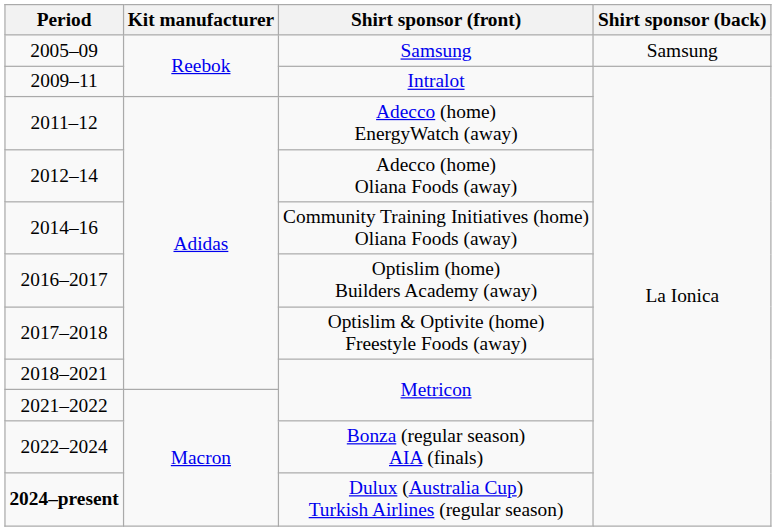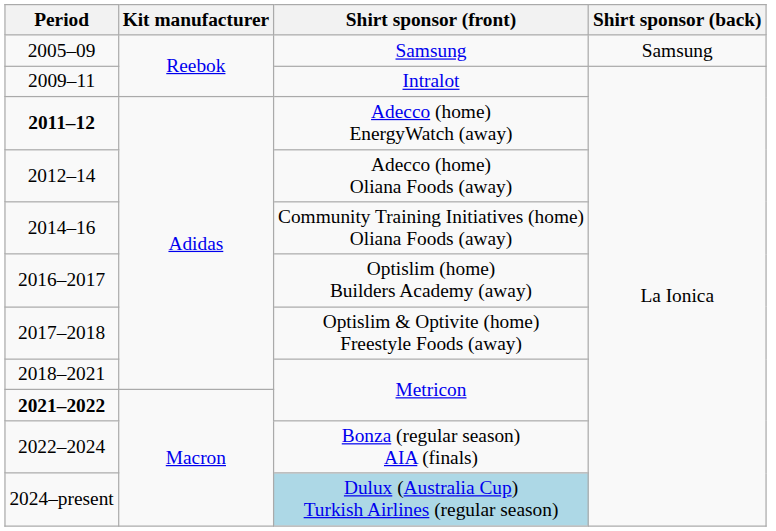 <table class="wikitable" style="text-align:center; margin-left:1em; float:centre; clear:right;">
 <tr>
 <th>Period</th>
 <th>Kit manufacturer</th>
 <th>Shirt sponsor (front)</th>
 <th>Shirt sponsor (back)</th>
 </tr>
 <tr>
 <td>2005–09</td>
 <td rowspan=2><a href='#'>Reebok</a></td>
 <td><a href='#'>Samsung</a></td>
 <td>Samsung</td>
 </tr>
 <tr>
 <td>2009–11</td>
 <td><a href='#'>Intralot</a></td>
 <td rowspan="10">La Ionica</td>
 </tr>
 <tr>
-<td>2011–12</td>
+<td><strong>2011–12</strong></td>
 <td rowspan=6><a href='#'>Adidas</a></td>
 <td><a href='#'>Adecco</a> (home)<br>EnergyWatch (away)</td>
 </tr>
 <tr>
 <td>2012–14</td>
 <td>Adecco (home)<br>Oliana Foods (away)</td>
 </tr>
 <tr>
 <td>2014–16</td>
 <td>Community Training Initiatives (home)<br>Oliana Foods (away)</td>
 </tr>
 <tr>
 <td>2016–2017</td>
 <td>Optislim (home)<br>Builders Academy (away)</td>
 </tr>
 <tr>
 <td>2017–2018</td>
 <td>Optislim & Optivite (home)<br>Freestyle Foods (away)</td>
 </tr>
 <tr>
 <td>2018–2021</td>
 <td rowspan=2><a href='#'>Metricon</a></td>
 </tr>
 <tr>
-<td>2021–2022</td>
+<td><strong>2021–2022</strong></td>
 <td rowspan="3"><a href='#'>Macron</a></td>
 </tr>
 <tr>
 <td>2022–2024</td>
 <td><a href='#'>Bonza</a> (regular season)<br><a href='#'>AIA</a> (finals)</td>
 </tr>
 <tr>
-<td><strong>2024–present</strong></td>
-<td><a href='#'>Dulux</a> (<a href='#'>Australia Cup</a>)<br><a href='#'>Turkish Airlines</a> (regular season)</td>
+<td>2024–present</td>
+<td style="background: lightblue;"><a href='#'>Dulux</a> (<a href='#'>Australia Cup</a>)<br><a href='#'>Turkish Airlines</a> (regular season)</td>
 </tr>
 </table>
